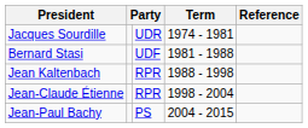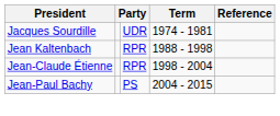 <table class="wikitable">
 <tr>
 <th>President</th>
 <th colspan="2">Party</th>
 <th>Term</th>
 <th>Reference</th>
 </tr>
 <tr>
 <td><a href='#'>Jacques Sourdille</a></td>
 <td style="color:inherit;background:"></td>
 <td><a href='#'>UDR</a></td>
 <td>1974 - 1981</td>
-<td></td>
-</tr>
-<tr>
-<td><a href='#'>Bernard Stasi</a></td>
-<td style="color:inherit;background:"></td>
-<td><a href='#'>UDF</a></td>
-<td>1981 - 1988</td>
 <td></td>
 </tr>
 <tr>
 <td><a href='#'>Jean Kaltenbach</a></td>
 <td style="color:inherit;background:"></td>
 <td><a href='#'>RPR</a></td>
 <td>1988 - 1998</td>
 <td></td>
 </tr>
 <tr>
 <td><a href='#'>Jean-Claude Étienne</a></td>
 <td style="color:inherit;background:"></td>
 <td><a href='#'>RPR</a></td>
 <td>1998 - 2004</td>
 <td></td>
 </tr>
 <tr>
 <td><a href='#'>Jean-Paul Bachy</a></td>
 <td style="color:inherit;background:"></td>
 <td><a href='#'>PS</a></td>
 <td>2004 - 2015</td>
 <td></td>
 </tr>
 </table>
